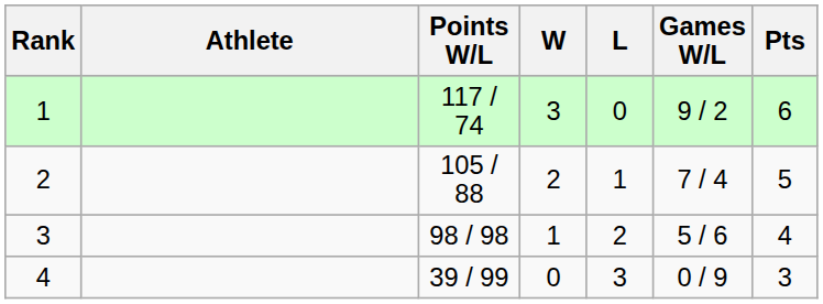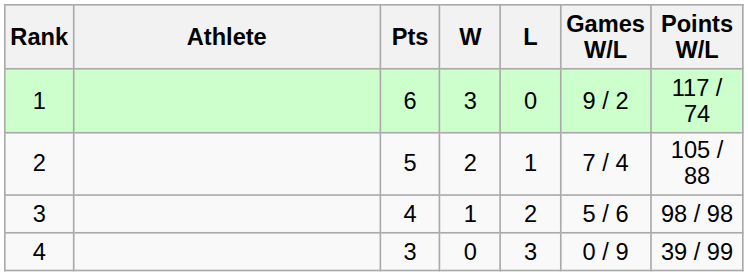 <table class="wikitable" style="text-align: center; font-size:90% ">
 <tr>
 <th width="20">Rank</th>
 <th width="180">Athlete</th>
-<th width="50">Points<br>W/L</th>
+<th width="30">Pts</th>
 <th width="30">W</th>
 <th width="30">L</th>
 <th width="40">Games<br>W/L</th>
-<th width="30">Pts</th>
+<th width="50">Points<br>W/L</th>
 </tr>
 <tr bgcolor=#ccffcc>
 <td>1</td>
 <td align=left></td>
-<td>117 / 74</td>
+<td>6</td>
 <td>3</td>
 <td>0</td>
 <td>9 / 2</td>
-<td>6</td>
+<td>117 / 74</td>
 </tr>
 <tr>
 <td>2</td>
 <td align=left></td>
-<td>105 / 88</td>
+<td>5</td>
 <td>2</td>
 <td>1</td>
 <td>7 / 4</td>
-<td>5</td>
+<td>105 / 88</td>
 </tr>
 <tr>
 <td>3</td>
 <td align=left></td>
-<td>98 / 98</td>
+<td>4</td>
 <td>1</td>
 <td>2</td>
 <td>5 / 6</td>
-<td>4</td>
+<td>98 / 98</td>
 </tr>
 <tr>
 <td>4</td>
 <td align=left></td>
-<td>39 / 99</td>
+<td>3</td>
 <td>0</td>
 <td>3</td>
 <td>0 / 9</td>
-<td>3</td>
+<td>39 / 99</td>
 </tr>
 </table>
